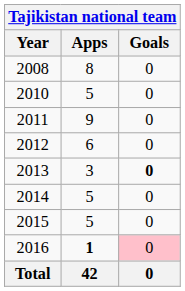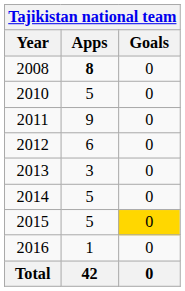 <table class="wikitable" style="text-align:center">
 <tr>
 <th colspan=3><a href='#'>Tajikistan national team</a></th>
 </tr>
 <tr>
 <th>Year</th>
 <th>Apps</th>
 <th>Goals</th>
 </tr>
 <tr>
 <td>2008</td>
-<td>8</td>
+<td><strong>8</strong></td>
 <td>0</td>
 </tr>
 <tr>
 <td>2010</td>
 <td>5</td>
 <td>0</td>
 </tr>
 <tr>
 <td>2011</td>
 <td>9</td>
 <td>0</td>
 </tr>
 <tr>
 <td>2012</td>
 <td>6</td>
 <td>0</td>
 </tr>
 <tr>
 <td>2013</td>
 <td>3</td>
-<td><strong>0</strong></td>
+<td>0</td>
 </tr>
 <tr>
 <td>2014</td>
 <td>5</td>
 <td>0</td>
 </tr>
 <tr>
 <td>2015</td>
 <td>5</td>
-<td>0</td>
+<td style="background: gold;">0</td>
 </tr>
 <tr>
 <td>2016</td>
-<td><strong>1</strong></td>
-<td style="background: pink;">0</td>
+<td>1</td>
+<td>0</td>
 </tr>
 <tr>
 <th>Total</th>
 <th>42</th>
 <th>0</th>
 </tr>
 </table>
